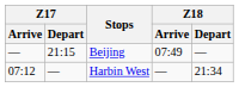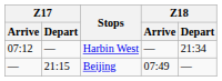 <table class="wikitable">
 <tr>
 <th colspan="2">Z17</th>
 <th rowspan="2">Stops</th>
 <th colspan="2">Z18</th>
 </tr>
 <tr>
 <th>Arrive</th>
 <th>Depart</th>
 <th>Arrive</th>
 <th>Depart</th>
 </tr>
 <tr>
+<td>07:12</td>
+<td>—</td>
+<td><a href='#'>Harbin West</a></td>
+<td>—</td>
+<td>21:34</td>
+</tr>
+<tr>
 <td>—</td>
 <td>21:15</td>
 <td><a href='#'>Beijing</a></td>
 <td>07:49</td>
 <td>—</td>
 </tr>
-<tr>
-<td>07:12</td>
-<td>—</td>
-<td><a href='#'>Harbin West</a></td>
-<td>—</td>
-<td>21:34</td>
-</tr>
 </table>
